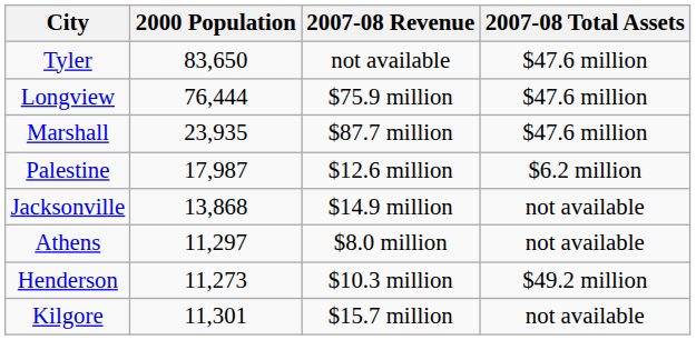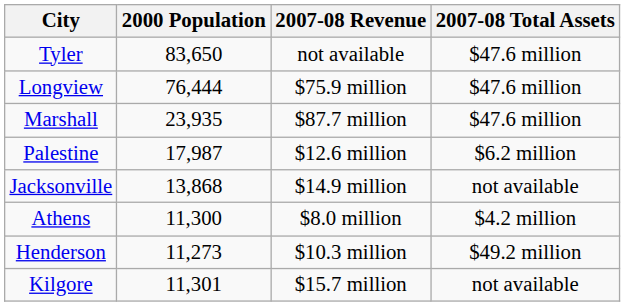 <table class="wikitable" border="1" style="text-align:center">
 <tr>
 <th>City</th>
 <th>2000 Population </th>
 <th>2007-08 Revenue</th>
 <th>2007-08 Total Assets</th>
 </tr>
 <tr>
 <td><a href='#'>Tyler</a></td>
 <td>83,650</td>
 <td>not available</td>
 <td>$47.6 million</td>
 </tr>
 <tr>
 <td><a href='#'>Longview</a></td>
 <td>76,444</td>
 <td>$75.9 million</td>
 <td>$47.6 million</td>
 </tr>
 <tr>
 <td><a href='#'>Marshall</a></td>
 <td>23,935</td>
 <td>$87.7 million</td>
 <td>$47.6 million</td>
 </tr>
 <tr>
 <td><a href='#'>Palestine</a></td>
 <td>17,987</td>
 <td>$12.6 million</td>
 <td>$6.2 million</td>
 </tr>
 <tr>
 <td><a href='#'>Jacksonville</a></td>
 <td>13,868</td>
 <td>$14.9 million</td>
 <td>not available</td>
 </tr>
 <tr>
 <td><a href='#'>Athens</a></td>
-<td>11,297</td>
+<td>11,300</td>
 <td>$8.0 million</td>
-<td>not available</td>
+<td>$4.2 million</td>
 </tr>
 <tr>
 <td><a href='#'>Henderson</a></td>
 <td>11,273</td>
 <td>$10.3 million</td>
 <td>$49.2 million</td>
 </tr>
 <tr>
 <td><a href='#'>Kilgore</a></td>
 <td>11,301</td>
 <td>$15.7 million</td>
 <td>not available</td>
 </tr>
 </table>
